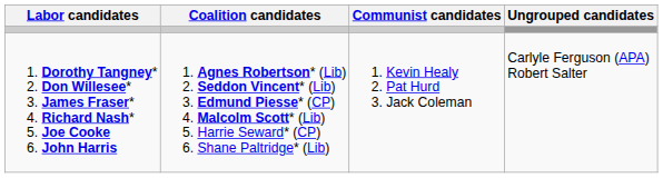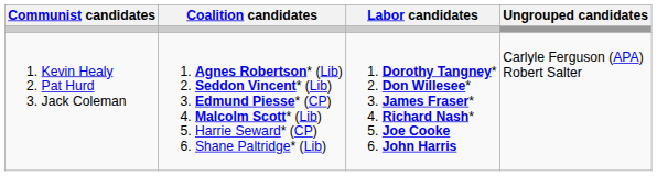 <table class="wikitable">
 <tr>
+<th><a href='#'>Communist</a> candidates</th>
+<th><a href='#'>Coalition</a> candidates</th>
 <th><a href='#'>Labor</a> candidates</th>
-<th><a href='#'>Coalition</a> candidates</th>
-<th><a href='#'>Communist</a> candidates</th>
 <th>Ungrouped candidates</th>
 </tr>
 <tr bgcolor="#cccccc">
 <td></td>
 <td></td>
 <td></td>
 <td bgcolor="#999999"></td>
 </tr>
 <tr>
+<td valign=top><br><ol><li><a href='#'>Kevin Healy</a></li><li><a href='#'>Pat Hurd</a></li><li>Jack Coleman</li></ol></td>
+<td><br><ol><li><strong><a href='#'>Agnes Robertson</a></strong>* (<a href='#'>Lib</a>)</li><li><strong><a href='#'>Seddon Vincent</a></strong>* (<a href='#'>Lib</a>)</li><li><strong><a href='#'>Edmund Piesse</a></strong>* (<a href='#'>CP</a>)</li><li><strong><a href='#'>Malcolm Scott</a></strong>* (<a href='#'>Lib</a>)</li><li><a href='#'>Harrie Seward</a>* (<a href='#'>CP</a>)</li><li><a href='#'>Shane Paltridge</a>* (<a href='#'>Lib</a>)</li></ol></td>
 <td><br><ol><li><strong><a href='#'>Dorothy Tangney</a></strong>*</li><li><strong><a href='#'>Don Willesee</a></strong>*</li><li><strong><a href='#'>James Fraser</a></strong>*</li><li><strong><a href='#'>Richard Nash</a></strong>*</li><li><strong><a href='#'>Joe Cooke</a></strong></li><li><strong><a href='#'>John Harris</a></strong></li></ol></td>
-<td><br><ol><li><strong><a href='#'>Agnes Robertson</a></strong>* (<a href='#'>Lib</a>)</li><li><strong><a href='#'>Seddon Vincent</a></strong>* (<a href='#'>Lib</a>)</li><li><strong><a href='#'>Edmund Piesse</a></strong>* (<a href='#'>CP</a>)</li><li><strong><a href='#'>Malcolm Scott</a></strong>* (<a href='#'>Lib</a>)</li><li><a href='#'>Harrie Seward</a>* (<a href='#'>CP</a>)</li><li><a href='#'>Shane Paltridge</a>* (<a href='#'>Lib</a>)</li></ol></td>
-<td valign=top><br><ol><li><a href='#'>Kevin Healy</a></li><li><a href='#'>Pat Hurd</a></li><li>Jack Coleman</li></ol></td>
 <td valign=top><br>Carlyle Ferguson (<a href='#'>APA</a>)<br> Robert Salter</td>
 </tr>
 </table>
